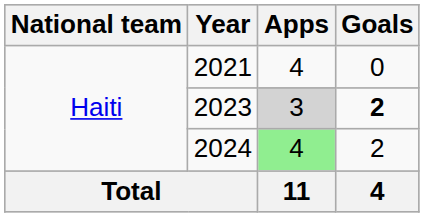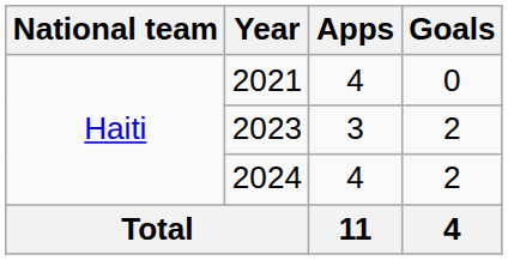 <table class="wikitable" style="text-align:center">
 <tr>
 <th>National team</th>
 <th>Year</th>
 <th>Apps</th>
 <th>Goals</th>
 </tr>
 <tr>
 <td rowspan="3"><a href='#'>Haiti</a></td>
 <td>2021</td>
 <td>4</td>
 <td>0</td>
 </tr>
 <tr>
 <td>2023</td>
-<td style="background: lightgrey;">3</td>
-<td><strong>2</strong></td>
+<td>3</td>
+<td>2</td>
 </tr>
 <tr>
 <td>2024</td>
-<td style="background: lightgreen;">4</td>
+<td>4</td>
 <td>2</td>
 </tr>
 <tr>
 <th colspan="2">Total</th>
 <th>11</th>
 <th>4</th>
 </tr>
 </table>
